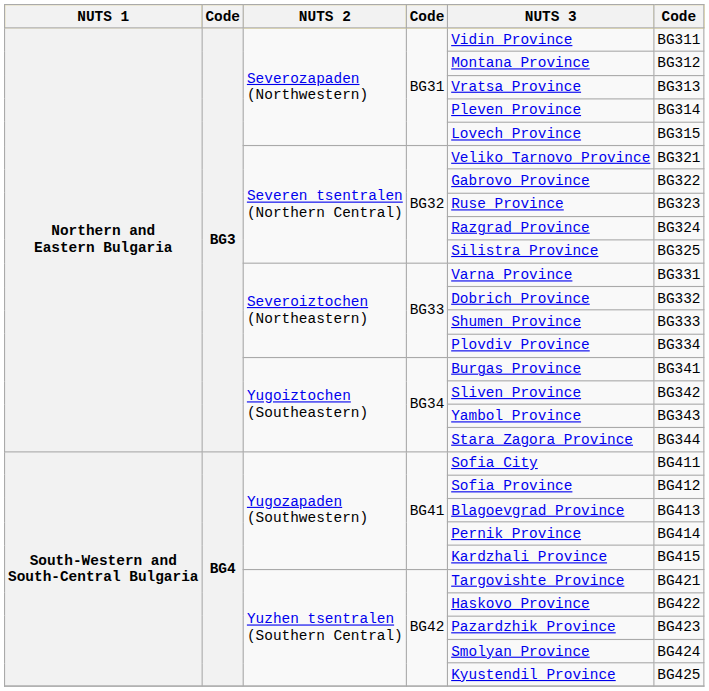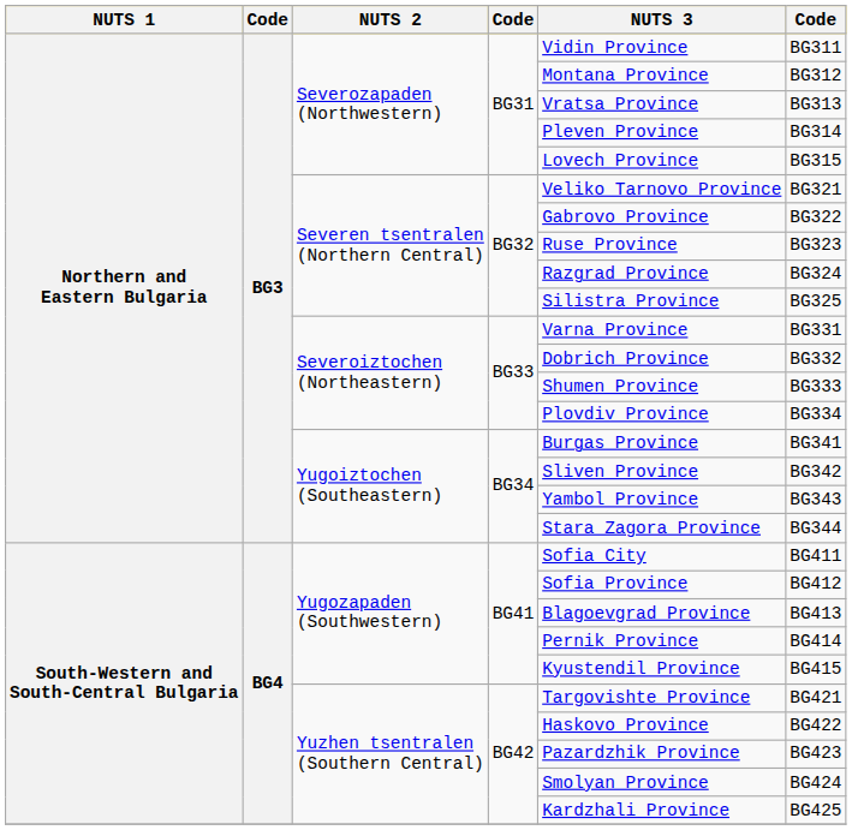 <table class="wikitable">
 <tr style="background-color:#ffd700;text-align:left">
 <th>NUTS 1</th>
 <th>Code</th>
 <th>NUTS 2</th>
 <th>Code</th>
 <th>NUTS 3</th>
 <th>Code</th>
 </tr>
 <tr>
 <th rowspan=18>Northern and<br>Eastern Bulgaria</th>
 <th rowspan=18>BG3</th>
 <td rowspan=5><a href='#'>Severozapaden</a><br>(Northwestern)</td>
 <td rowspan=5>BG31</td>
 <td><a href='#'>Vidin Province</a></td>
 <td>BG311</td>
 </tr>
 <tr>
 <td><a href='#'>Montana Province</a></td>
 <td>BG312</td>
 </tr>
 <tr>
 <td><a href='#'>Vratsa Province</a></td>
 <td>BG313</td>
 </tr>
 <tr>
 <td><a href='#'>Pleven Province</a></td>
 <td>BG314</td>
 </tr>
 <tr>
 <td><a href='#'>Lovech Province</a></td>
 <td>BG315</td>
 </tr>
 <tr>
 <td rowspan=5><a href='#'>Severen tsentralen</a><br>(Northern Central)</td>
 <td rowspan=5>BG32</td>
 <td><a href='#'>Veliko Tarnovo Province</a></td>
 <td>BG321</td>
 </tr>
 <tr>
 <td><a href='#'>Gabrovo Province</a></td>
 <td>BG322</td>
 </tr>
 <tr>
 <td><a href='#'>Ruse Province</a></td>
 <td>BG323</td>
 </tr>
 <tr>
 <td><a href='#'>Razgrad Province</a></td>
 <td>BG324</td>
 </tr>
 <tr>
 <td><a href='#'>Silistra Province</a></td>
 <td>BG325</td>
 </tr>
 <tr>
 <td rowspan=4><a href='#'>Severoiztochen</a><br>(Northeastern)</td>
 <td rowspan=4>BG33</td>
 <td><a href='#'>Varna Province</a></td>
 <td>BG331</td>
 </tr>
 <tr>
 <td><a href='#'>Dobrich Province</a></td>
 <td>BG332</td>
 </tr>
 <tr>
 <td><a href='#'>Shumen Province</a></td>
 <td>BG333</td>
 </tr>
 <tr>
 <td><a href='#'>Plovdiv Province</a></td>
 <td>BG334</td>
 </tr>
 <tr>
 <td rowspan=4><a href='#'>Yugoiztochen</a><br>(Southeastern)</td>
 <td rowspan=4>BG34</td>
 <td><a href='#'>Burgas Province</a></td>
 <td>BG341</td>
 </tr>
 <tr>
 <td><a href='#'>Sliven Province</a></td>
 <td>BG342</td>
 </tr>
 <tr>
 <td><a href='#'>Yambol Province</a></td>
 <td>BG343</td>
 </tr>
 <tr>
 <td><a href='#'>Stara Zagora Province</a></td>
 <td>BG344</td>
 </tr>
 <tr>
 <th rowspan=10>South-Western and<br>South-Central Bulgaria</th>
 <th rowspan=10>BG4</th>
 <td rowspan=5><a href='#'>Yugozapaden</a><br>(Southwestern)</td>
 <td rowspan=5>BG41</td>
 <td><a href='#'>Sofia City</a></td>
 <td>BG411</td>
 </tr>
 <tr>
 <td><a href='#'>Sofia Province</a></td>
 <td>BG412</td>
 </tr>
 <tr>
 <td><a href='#'>Blagoevgrad Province</a></td>
 <td>BG413</td>
 </tr>
 <tr>
 <td><a href='#'>Pernik Province</a></td>
 <td>BG414</td>
 </tr>
 <tr>
-<td><a href='#'>Kardzhali Province</a></td>
+<td><a href='#'>Kyustendil Province</a></td>
 <td>BG415</td>
 </tr>
 <tr>
 <td rowspan=5><a href='#'>Yuzhen tsentralen</a><br>(Southern Central)</td>
 <td rowspan=5>BG42</td>
 <td><a href='#'>Targovishte Province</a></td>
 <td>BG421</td>
 </tr>
 <tr>
 <td><a href='#'>Haskovo Province</a></td>
 <td>BG422</td>
 </tr>
 <tr>
 <td><a href='#'>Pazardzhik Province</a></td>
 <td>BG423</td>
 </tr>
 <tr>
 <td><a href='#'>Smolyan Province</a></td>
 <td>BG424</td>
 </tr>
 <tr>
-<td><a href='#'>Kyustendil Province</a></td>
+<td><a href='#'>Kardzhali Province</a></td>
 <td>BG425</td>
 </tr>
 <tr>
 </tr>
 </table>
